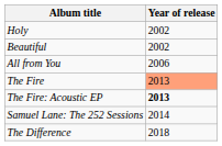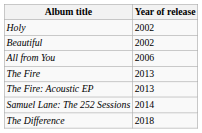 <table class="wikitable sortable">
 <tr>
 <th>Album title</th>
 <th>Year of release</th>
 </tr>
 <tr>
 <td><em>Holy</em></td>
 <td>2002</td>
 </tr>
 <tr>
 <td><em>Beautiful</em></td>
 <td>2002</td>
 </tr>
 <tr>
 <td><em>All from You</em></td>
 <td>2006</td>
 </tr>
 <tr>
 <td><em>The Fire</em></td>
-<td style="background: lightsalmon;">2013</td>
+<td>2013</td>
 </tr>
 <tr>
 <td><em>The Fire: Acoustic EP</em></td>
-<td><strong>2013</strong></td>
+<td>2013</td>
 </tr>
 <tr>
 <td><em>Samuel Lane: The 252 Sessions</em></td>
 <td>2014</td>
 </tr>
 <tr>
 <td><em>The Difference</em></td>
 <td>2018</td>
 </tr>
 </table>
